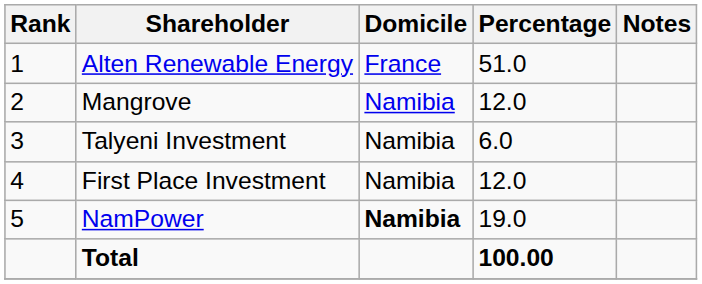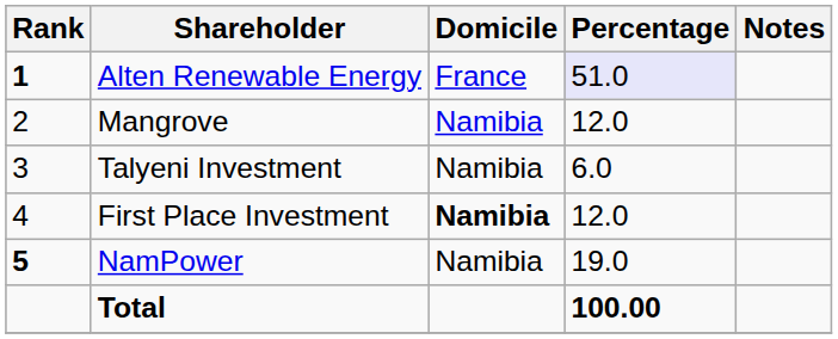 <table class="wikitable sortable" style="margin: 0.5em auto">
 <tr>
 <th>Rank</th>
 <th>Shareholder</th>
 <th>Domicile</th>
 <th>Percentage</th>
 <th>Notes</th>
 </tr>
 <tr>
-<td>1</td>
+<td><strong>1</strong></td>
 <td><a href='#'>Alten Renewable Energy</a></td>
 <td><a href='#'>France</a></td>
-<td>51.0</td>
+<td style="background: lavender;">51.0</td>
 <td></td>
 </tr>
 <tr>
 <td>2</td>
 <td>Mangrove</td>
 <td><a href='#'>Namibia</a></td>
 <td>12.0</td>
 <td></td>
 </tr>
 <tr>
 <td>3</td>
 <td>Talyeni Investment</td>
 <td>Namibia</td>
 <td>6.0</td>
 <td></td>
 </tr>
 <tr>
 <td>4</td>
 <td>First Place Investment</td>
-<td>Namibia</td>
+<td><strong>Namibia</strong></td>
 <td>12.0</td>
 <td></td>
 </tr>
 <tr>
-<td>5</td>
+<td><strong>5</strong></td>
 <td><a href='#'>NamPower</a></td>
-<td><strong>Namibia</strong></td>
+<td>Namibia</td>
 <td>19.0</td>
 <td></td>
 </tr>
 <tr>
 <td></td>
 <td><strong>Total</strong></td>
 <td></td>
 <td><strong>100.00</strong></td>
 <td></td>
 </tr>
 <tr>
 </tr>
 </table>
